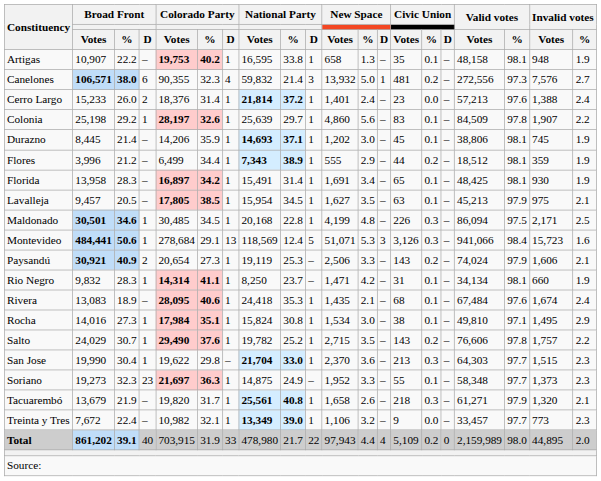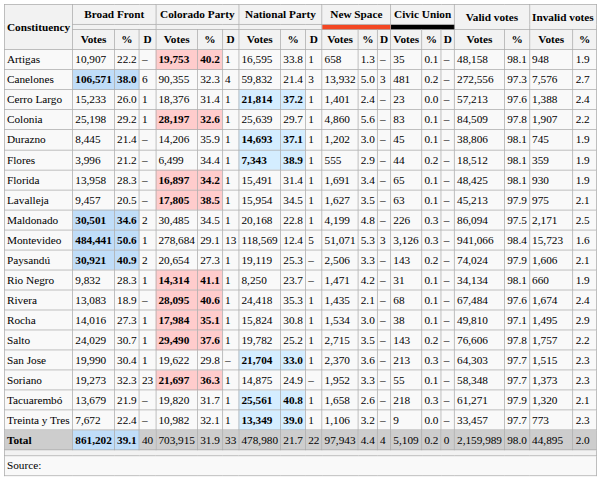 <table class="wikitable sortable collapsible collapsed tpl-blanktable" style="text-align:left; font-size:95%; line-height:20px;">
 <tr>
 <th rowspan="3">Constituency</th>
 <th colspan="3" width="30px" class="unsortable">Broad Front</th>
 <th colspan="3" width="30px" class="unsortable">Colorado Party</th>
 <th colspan="3" width="30px" class="unsortable">National Party</th>
 <th colspan="3" width="30px" class="unsortable">New Space</th>
 <th colspan="3" width="30px" class="unsortable">Civic Union</th>
 <th colspan="2" rowspan="2">Valid votes</th>
 <th colspan="2" rowspan="2">Invalid votes</th>
 </tr>
 <tr>
 <th colspan="3" style="background:"></th>
 <th colspan="3" style="background:"></th>
 <th colspan="3" style="background:"></th>
 <th colspan="3" style="background:#F34723"></th>
 <th colspan="3" style="background:#000000"></th>
 </tr>
 <tr>
 <th data-sort-type="number">Votes</th>
 <th data-sort-type="number">%</th>
 <th>D</th>
 <th data-sort-type="number">Votes</th>
 <th data-sort-type="number">%</th>
 <th>D</th>
 <th data-sort-type="number">Votes</th>
 <th data-sort-type="number">%</th>
 <th>D</th>
 <th>Votes</th>
 <th>%</th>
 <th>D</th>
 <th>Votes</th>
 <th>%</th>
 <th>D</th>
 <th>Votes</th>
 <th>%</th>
 <th>Votes</th>
 <th>%</th>
 </tr>
 <tr>
 <td align="left">Artigas</td>
 <td>10,907</td>
 <td>22.2</td>
 <td>–</td>
 <td style="background:#FFCCCC;"><strong>19,753</strong></td>
 <td style="background:#FFCCCC;"><strong>40.2</strong></td>
 <td>1</td>
 <td>16,595</td>
 <td>33.8</td>
 <td>1</td>
 <td>658</td>
 <td>1.3</td>
 <td>–</td>
 <td>35</td>
 <td>0.1</td>
 <td>–</td>
 <td>48,158</td>
 <td>98.1</td>
 <td>948</td>
 <td>1.9</td>
 </tr>
 <tr>
 <td align="left">Canelones</td>
 <td style="background:#C0DDF8;"><strong>106,571</strong></td>
 <td style="background:#C0DDF8;"><strong>38.0</strong></td>
 <td>6</td>
 <td>90,355</td>
 <td>32.3</td>
 <td>4</td>
 <td>59,832</td>
 <td>21.4</td>
 <td>3</td>
 <td>13,932</td>
 <td>5.0</td>
-<td>1</td>
+<td>3</td>
 <td>481</td>
 <td>0.2</td>
 <td>–</td>
 <td>272,556</td>
 <td>97.3</td>
 <td>7,576</td>
 <td>2.7</td>
 </tr>
 <tr>
 <td align="left">Cerro Largo</td>
 <td>15,233</td>
 <td>26.0</td>
-<td>2</td>
+<td>1</td>
 <td>18,376</td>
 <td>31.4</td>
 <td>1</td>
 <td style="background:#D4EDFF;"><strong>21,814</strong></td>
 <td style="background:#D4EDFF;"><strong>37.2</strong></td>
 <td>1</td>
 <td>1,401</td>
 <td>2.4</td>
 <td>–</td>
 <td>23</td>
 <td>0.0</td>
 <td>–</td>
 <td>57,213</td>
 <td>97.6</td>
 <td>1,388</td>
 <td>2.4</td>
 </tr>
 <tr>
 <td align="left">Colonia</td>
 <td>25,198</td>
 <td>29.2</td>
 <td>1</td>
 <td style="background:#FFCCCC;"><strong>28,197</strong></td>
 <td style="background:#FFCCCC;"><strong>32.6</strong></td>
 <td>1</td>
 <td>25,639</td>
 <td>29.7</td>
 <td>1</td>
 <td>4,860</td>
 <td>5.6</td>
 <td>–</td>
 <td>83</td>
 <td>0.1</td>
 <td>–</td>
 <td>84,509</td>
 <td>97.8</td>
 <td>1,907</td>
 <td>2.2</td>
 </tr>
 <tr>
 <td align="left">Durazno</td>
 <td>8,445</td>
 <td>21.4</td>
 <td>–</td>
 <td>14,206</td>
 <td>35.9</td>
 <td>1</td>
 <td style="background:#D4EDFF;"><strong>14,693</strong></td>
 <td style="background:#D4EDFF;"><strong>37.1</strong></td>
 <td>1</td>
 <td>1,202</td>
 <td>3.0</td>
 <td>–</td>
 <td>45</td>
 <td>0.1</td>
 <td>–</td>
 <td>38,806</td>
 <td>98.1</td>
 <td>745</td>
 <td>1.9</td>
 </tr>
 <tr>
 <td align="left">Flores</td>
 <td>3,996</td>
 <td>21.2</td>
 <td>–</td>
 <td>6,499</td>
 <td>34.4</td>
 <td>1</td>
 <td style="background:#D4EDFF;"><strong>7,343</strong></td>
 <td style="background:#D4EDFF;"><strong>38.9</strong></td>
 <td>1</td>
 <td>555</td>
 <td>2.9</td>
 <td>–</td>
 <td>44</td>
 <td>0.2</td>
 <td>–</td>
 <td>18,512</td>
 <td>98.1</td>
 <td>359</td>
 <td>1.9</td>
 </tr>
 <tr>
 <td align="left">Florida</td>
 <td>13,958</td>
 <td>28.3</td>
 <td>–</td>
 <td style="background:#FFCCCC;"><strong>16,897</strong></td>
 <td style="background:#FFCCCC;"><strong>34.2</strong></td>
 <td>1</td>
 <td>15,491</td>
 <td>31.4</td>
 <td>1</td>
 <td>1,691</td>
 <td>3.4</td>
 <td>–</td>
 <td>65</td>
 <td>0.1</td>
 <td>–</td>
 <td>48,425</td>
 <td>98.1</td>
 <td>930</td>
 <td>1.9</td>
 </tr>
 <tr>
 <td align="left">Lavalleja</td>
 <td>9,457</td>
 <td>20.5</td>
 <td>–</td>
 <td style="background:#FFCCCC;"><strong>17,805</strong></td>
 <td style="background:#FFCCCC;"><strong>38.5</strong></td>
 <td>1</td>
 <td>15,954</td>
 <td>34.5</td>
 <td>1</td>
 <td>1,627</td>
 <td>3.5</td>
 <td>–</td>
 <td>63</td>
 <td>0.1</td>
 <td>–</td>
 <td>45,213</td>
 <td>97.9</td>
 <td>975</td>
 <td>2.1</td>
 </tr>
 <tr>
 <td align="left">Maldonado</td>
 <td style="background:#C0DDF8;"><strong>30,501</strong></td>
 <td style="background:#C0DDF8;"><strong>34.6</strong></td>
-<td>1</td>
+<td>2</td>
 <td>30,485</td>
 <td>34.5</td>
 <td>1</td>
 <td>20,168</td>
 <td>22.8</td>
 <td>1</td>
 <td>4,199</td>
 <td>4.8</td>
 <td>–</td>
 <td>226</td>
 <td>0.3</td>
 <td>–</td>
 <td>86,094</td>
 <td>97.5</td>
 <td>2,171</td>
 <td>2.5</td>
 </tr>
 <tr>
 <td align="left">Montevideo</td>
 <td style="background:#C0DDF8;"><strong>484,441</strong></td>
 <td style="background:#C0DDF8;"><strong>50.6</strong></td>
 <td>1</td>
 <td>278,684</td>
 <td>29.1</td>
 <td>13</td>
 <td>118,569</td>
 <td>12.4</td>
 <td>5</td>
 <td>51,071</td>
 <td>5.3</td>
 <td>3</td>
 <td>3,126</td>
 <td>0.3</td>
 <td>–</td>
 <td>941,066</td>
 <td>98.4</td>
 <td>15,723</td>
 <td>1.6</td>
 </tr>
 <tr>
 <td align="left">Paysandú</td>
 <td style="background:#C0DDF8;"><strong>30,921</strong></td>
 <td style="background:#C0DDF8;"><strong>40.9</strong></td>
 <td>2</td>
 <td>20,654</td>
 <td>27.3</td>
 <td>1</td>
 <td>19,119</td>
 <td>25.3</td>
 <td>–</td>
 <td>2,506</td>
 <td>3.3</td>
 <td>–</td>
 <td>143</td>
 <td>0.2</td>
 <td>–</td>
 <td>74,024</td>
 <td>97.9</td>
 <td>1,606</td>
 <td>2.1</td>
 </tr>
 <tr>
 <td align="left">Rio Negro</td>
 <td>9,832</td>
 <td>28.3</td>
 <td>1</td>
 <td style="background:#FFCCCC;"><strong>14,314</strong></td>
 <td style="background:#FFCCCC;"><strong>41.1</strong></td>
 <td>1</td>
 <td>8,250</td>
 <td>23.7</td>
 <td>–</td>
 <td>1,471</td>
 <td>4.2</td>
 <td>–</td>
 <td>31</td>
 <td>0.1</td>
 <td>–</td>
 <td>34,134</td>
 <td>98.1</td>
 <td>660</td>
 <td>1.9</td>
 </tr>
 <tr>
 <td align="left">Rivera</td>
 <td>13,083</td>
 <td>18.9</td>
 <td>–</td>
 <td style="background:#FFCCCC;"><strong>28,095</strong></td>
 <td style="background:#FFCCCC;"><strong>40.6</strong></td>
 <td>1</td>
 <td>24,418</td>
 <td>35.3</td>
 <td>1</td>
 <td>1,435</td>
 <td>2.1</td>
 <td>–</td>
 <td>68</td>
 <td>0.1</td>
 <td>–</td>
 <td>67,484</td>
 <td>97.6</td>
 <td>1,674</td>
 <td>2.4</td>
 </tr>
 <tr>
 <td align="left">Rocha</td>
 <td>14,016</td>
 <td>27.3</td>
 <td>1</td>
 <td style="background:#FFCCCC;"><strong>17,984</strong></td>
 <td style="background:#FFCCCC;"><strong>35.1</strong></td>
 <td>1</td>
 <td>15,824</td>
 <td>30.8</td>
 <td>1</td>
 <td>1,534</td>
 <td>3.0</td>
 <td>–</td>
 <td>38</td>
 <td>0.1</td>
 <td>–</td>
 <td>49,810</td>
 <td>97.1</td>
 <td>1,495</td>
 <td>2.9</td>
 </tr>
 <tr>
 <td align="left">Salto</td>
 <td>24,029</td>
 <td>30.7</td>
 <td>1</td>
 <td style="background:#FFCCCC;"><strong>29,490</strong></td>
 <td style="background:#FFCCCC;"><strong>37.6</strong></td>
 <td>1</td>
 <td>19,782</td>
 <td>25.2</td>
 <td>1</td>
 <td>2,715</td>
 <td>3.5</td>
 <td>–</td>
 <td>143</td>
 <td>0.2</td>
 <td>–</td>
 <td>76,606</td>
 <td>97.8</td>
 <td>1,757</td>
 <td>2.2</td>
 </tr>
 <tr>
 <td align="left">San Jose</td>
 <td>19,990</td>
 <td>30.4</td>
 <td>1</td>
 <td>19,622</td>
 <td>29.8</td>
 <td>–</td>
 <td style="background:#D4EDFF;"><strong>21,704</strong></td>
 <td style="background:#D4EDFF;"><strong>33.0</strong></td>
 <td>1</td>
 <td>2,370</td>
 <td>3.6</td>
 <td>–</td>
 <td>213</td>
 <td>0.3</td>
 <td>–</td>
 <td>64,303</td>
 <td>97.7</td>
 <td>1,515</td>
 <td>2.3</td>
 </tr>
 <tr>
 <td align="left">Soriano</td>
 <td>19,273</td>
 <td>32.3</td>
 <td>23</td>
 <td style="background:#FFCCCC;"><strong>21,697</strong></td>
 <td style="background:#FFCCCC;"><strong>36.3</strong></td>
 <td>1</td>
 <td>14,875</td>
 <td>24.9</td>
 <td>–</td>
 <td>1,952</td>
 <td>3.3</td>
 <td>–</td>
 <td>55</td>
 <td>0.1</td>
 <td>–</td>
 <td>58,348</td>
 <td>97.7</td>
 <td>1,373</td>
 <td>2.3</td>
 </tr>
 <tr>
 <td align="left">Tacuarembó</td>
 <td>13,679</td>
 <td>21.9</td>
 <td>–</td>
 <td>19,820</td>
 <td>31.7</td>
 <td>1</td>
 <td style="background:#D4EDFF;"><strong>25,561</strong></td>
 <td style="background:#D4EDFF;"><strong>40.8</strong></td>
 <td>1</td>
 <td>1,658</td>
 <td>2.6</td>
 <td>–</td>
 <td>218</td>
 <td>0.3</td>
 <td>–</td>
 <td>61,271</td>
 <td>97.9</td>
 <td>1,320</td>
 <td>2.1</td>
 </tr>
 <tr>
 <td align="left">Treinta y Tres</td>
 <td>7,672</td>
 <td>22.4</td>
 <td>–</td>
 <td>10,982</td>
 <td>32.1</td>
 <td>1</td>
 <td style="background:#D4EDFF;"><strong>13,349</strong></td>
 <td style="background:#D4EDFF;"><strong>39.0</strong></td>
 <td>1</td>
 <td>1,106</td>
 <td>3.2</td>
 <td>–</td>
 <td>9</td>
 <td>0.0</td>
 <td>–</td>
 <td>33,457</td>
 <td>97.7</td>
 <td>773</td>
 <td>2.3</td>
 </tr>
 <tr style="background:#CDCDCD;">
 <td align="left"><strong>Total</strong></td>
 <td style="background:#C0DDF8;"><strong>861,202</strong></td>
 <td style="background:#C0DDF8;"><strong>39.1</strong></td>
 <td>40</td>
 <td>703,915</td>
 <td>31.9</td>
 <td>33</td>
 <td>478,980</td>
 <td>21.7</td>
 <td>22</td>
 <td>97,943</td>
 <td>4.4</td>
 <td>4</td>
 <td>5,109</td>
 <td>0.2</td>
 <td>0</td>
 <td>2,159,989</td>
 <td>98.0</td>
 <td>44,895</td>
 <td>2.0</td>
 </tr>
 <tr>
 <th colspan="20"></th>
 </tr>
 <tr>
 <th colspan="20" style="text-align:left; font-weight:normal; background:#F9F9F9">Source: </th>
 </tr>
 </table>
